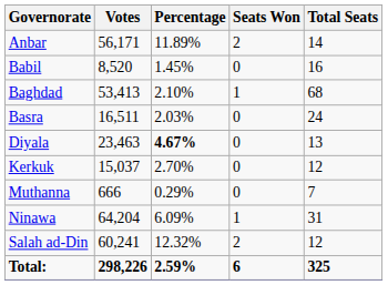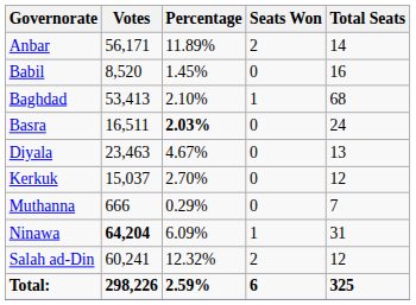 <table class=wikitable style="border:1px solid #8888aa; background-color:#f8f8f8; padding:0px; font-size:90%;">
 <tr>
 <th>Governorate</th>
 <th>Votes</th>
 <th>Percentage</th>
 <th>Seats Won</th>
 <th>Total Seats</th>
 </tr>
 <tr>
 <td><a href='#'>Anbar</a></td>
 <td>56,171</td>
 <td>11.89%</td>
 <td>2</td>
 <td>14</td>
 </tr>
 <tr>
 <td><a href='#'>Babil</a></td>
 <td>8,520</td>
 <td>1.45%</td>
 <td>0</td>
 <td>16</td>
 </tr>
 <tr>
 <td><a href='#'>Baghdad</a></td>
 <td>53,413</td>
 <td>2.10%</td>
 <td>1</td>
 <td>68</td>
 </tr>
 <tr>
 <td><a href='#'>Basra</a></td>
 <td>16,511</td>
-<td>2.03%</td>
+<td><strong>2.03%</strong></td>
 <td>0</td>
 <td>24</td>
 </tr>
 <tr>
 <td><a href='#'>Diyala</a></td>
 <td>23,463</td>
-<td><strong>4.67%</strong></td>
+<td>4.67%</td>
 <td>0</td>
 <td>13</td>
 </tr>
 <tr>
 <td><a href='#'>Kerkuk</a></td>
 <td>15,037</td>
 <td>2.70%</td>
 <td>0</td>
 <td>12</td>
 </tr>
 <tr>
 <td><a href='#'>Muthanna</a></td>
 <td>666</td>
 <td>0.29%</td>
 <td>0</td>
 <td>7</td>
 </tr>
 <tr>
 <td><a href='#'>Ninawa</a></td>
-<td>64,204</td>
+<td><strong>64,204</strong></td>
 <td>6.09%</td>
 <td>1</td>
 <td>31</td>
 </tr>
 <tr>
 <td><a href='#'>Salah ad-Din</a></td>
 <td>60,241</td>
 <td>12.32%</td>
 <td>2</td>
 <td>12</td>
 </tr>
 <tr>
 <td><strong>Total:</strong></td>
 <td><strong>298,226</strong></td>
 <td><strong>2.59%</strong></td>
 <td><strong>6</strong></td>
 <td><strong>325</strong></td>
 </tr>
 <tr>
 </tr>
 </table>
